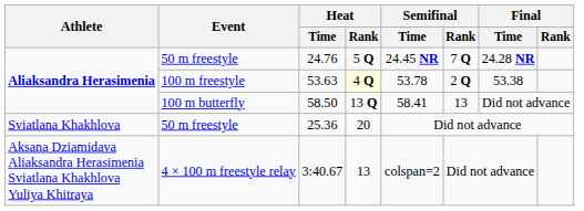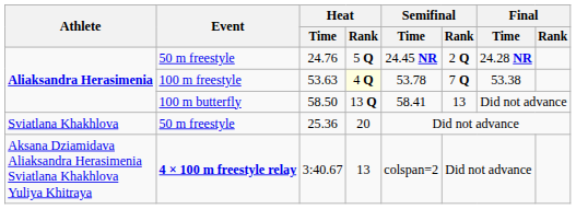 <table class=wikitable style="font-size:90%">
 <tr>
 <th rowspan="2">Athlete</th>
 <th rowspan="2">Event</th>
 <th colspan="2">Heat</th>
 <th colspan="2">Semifinal</th>
 <th colspan="2">Final</th>
 </tr>
 <tr style="font-size:95%">
 <th>Time</th>
 <th>Rank</th>
 <th>Time</th>
 <th>Rank</th>
 <th>Time</th>
 <th>Rank</th>
 </tr>
 <tr align=center>
 <td align=left rowspan=3><strong><a href='#'>Aliaksandra Herasimenia</a></strong></td>
 <td align=left><a href='#'>50 m freestyle</a></td>
 <td>24.76</td>
 <td>5 <strong>Q</strong></td>
 <td>24.45 <strong><a href='#'>NR</a></strong></td>
-<td>7 <strong>Q</strong></td>
+<td>2 <strong>Q</strong></td>
 <td>24.28 <strong><a href='#'>NR</a></strong></td>
 <td></td>
 </tr>
 <tr align=center>
 <td align=left><a href='#'>100 m freestyle</a></td>
 <td>53.63</td>
 <td style="background: lightyellow;">4 <strong>Q</strong></td>
 <td>53.78</td>
-<td>2 <strong>Q</strong></td>
+<td>7 <strong>Q</strong></td>
 <td>53.38</td>
 <td></td>
 </tr>
 <tr align=center>
 <td align=left><a href='#'>100 m butterfly</a></td>
 <td>58.50</td>
 <td>13 <strong>Q</strong></td>
 <td>58.41</td>
 <td>13</td>
 <td colspan=2>Did not advance</td>
 </tr>
 <tr align=center>
 <td align=left><a href='#'>Sviatlana Khakhlova</a></td>
 <td align=left><a href='#'>50 m freestyle</a></td>
 <td>25.36</td>
 <td>20</td>
 <td colspan=4>Did not advance</td>
 </tr>
 <tr align=center>
 <td align=left><a href='#'>Aksana Dziamidava</a><br><a href='#'>Aliaksandra Herasimenia</a><br><a href='#'>Sviatlana Khakhlova</a><br><a href='#'>Yuliya Khitraya</a></td>
-<td align=left><a href='#'>4 × 100 m freestyle relay</a></td>
+<td align=left><strong><a href='#'>4 × 100 m freestyle relay</a></strong></td>
 <td>3:40.67</td>
 <td>13</td>
 <td>colspan=2 </td>
 <td colspan=2>Did not advance</td>
 </tr>
 </table>
